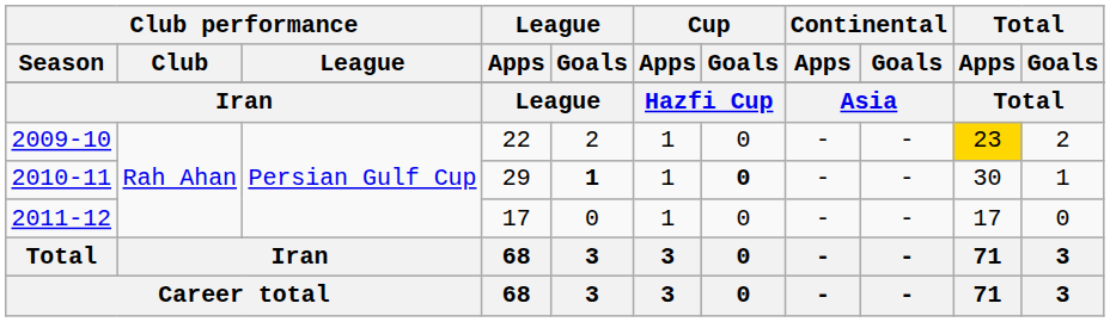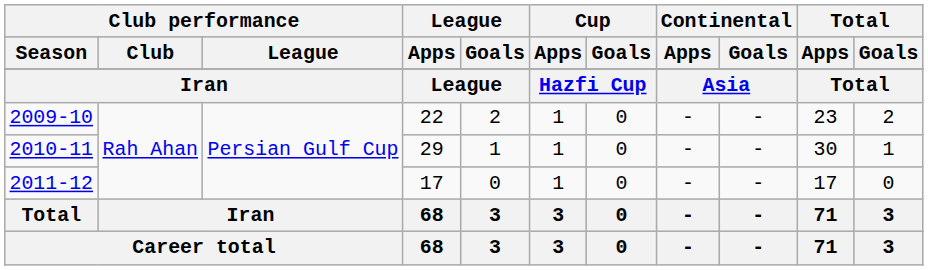 <table class="wikitable" style="text-align:center">
 <tr>
 <th colspan=3>Club performance</th>
 <th colspan=2>League</th>
 <th colspan=2>Cup</th>
 <th colspan=2>Continental</th>
 <th colspan=2>Total</th>
 </tr>
 <tr>
 <th>Season</th>
 <th>Club</th>
 <th>League</th>
 <th>Apps</th>
 <th>Goals</th>
 <th>Apps</th>
 <th>Goals</th>
 <th>Apps</th>
 <th>Goals</th>
 <th>Apps</th>
 <th>Goals</th>
 </tr>
 <tr>
 </tr>
 <tr>
 <th colspan=3>Iran</th>
 <th colspan=2>League</th>
 <th colspan=2><a href='#'>Hazfi Cup</a></th>
 <th colspan=2><a href='#'>Asia</a></th>
 <th colspan=2>Total</th>
 </tr>
 <tr>
 <td><a href='#'>2009-10</a></td>
 <td rowspan="3"><a href='#'>Rah Ahan</a></td>
 <td rowspan="3"><a href='#'>Persian Gulf Cup</a></td>
 <td>22</td>
 <td>2</td>
 <td>1</td>
 <td>0</td>
 <td>-</td>
 <td>-</td>
-<td style="background: gold;">23</td>
+<td>23</td>
 <td>2</td>
 </tr>
 <tr>
 <td><a href='#'>2010-11</a></td>
 <td>29</td>
-<td><strong>1</strong></td>
 <td>1</td>
-<td><strong>0</strong></td>
+<td>1</td>
+<td>0</td>
 <td>-</td>
 <td>-</td>
 <td>30</td>
 <td>1</td>
 </tr>
 <tr>
 <td><a href='#'>2011-12</a></td>
 <td>17</td>
 <td>0</td>
 <td>1</td>
 <td>0</td>
 <td>-</td>
 <td>-</td>
 <td>17</td>
 <td>0</td>
 </tr>
 <tr>
 <th rowspan=1>Total</th>
 <th colspan=2>Iran</th>
 <th>68</th>
 <th>3</th>
 <th>3</th>
 <th>0</th>
 <th>-</th>
 <th>-</th>
 <th>71</th>
 <th>3</th>
 </tr>
 <tr>
 <th colspan=3>Career total</th>
 <th>68</th>
 <th>3</th>
 <th>3</th>
 <th>0</th>
 <th>-</th>
 <th>-</th>
 <th>71</th>
 <th>3</th>
 </tr>
 </table>
